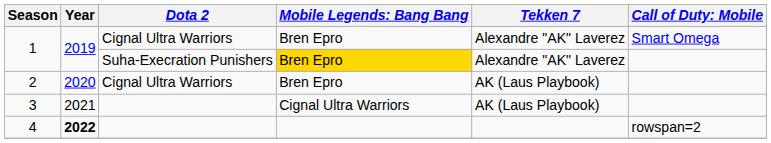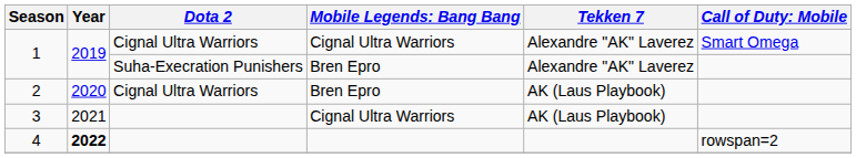 <table class="wikitable">
 <tr>
 <th>Season</th>
 <th>Year</th>
 <th><em><a href='#'>Dota 2</a></em></th>
 <th><em><a href='#'>Mobile Legends: Bang Bang</a></em></th>
 <th><em><a href='#'>Tekken 7</a></em></th>
 <th><em><a href='#'>Call of Duty: Mobile</a></em></th>
 </tr>
 <tr>
 <td align=center rowspan=2>1</td>
 <td rowspan=2><a href='#'>2019</a></td>
 <td>Cignal Ultra Warriors</td>
-<td>Bren Epro</td>
+<td>Cignal Ultra Warriors<br></td>
 <td>Alexandre "AK" Laverez</td>
 <td><a href='#'>Smart Omega</a></td>
 </tr>
 <tr>
 <td>Suha-Execration Punishers</td>
-<td style="background: gold;">Bren Epro</td>
+<td>Bren Epro</td>
 <td>Alexandre "AK" Laverez</td>
 </tr>
 <tr>
 <td align=center>2</td>
 <td><a href='#'>2020</a></td>
 <td>Cignal Ultra Warriors</td>
 <td>Bren Epro</td>
 <td>AK (Laus Playbook)</td>
 <td></td>
 </tr>
 <tr>
 <td align=center>3</td>
 <td>2021</td>
 <td></td>
 <td>Cignal Ultra Warriors</td>
 <td>AK (Laus Playbook)</td>
 <td></td>
 </tr>
 <tr>
 <td align=center>4</td>
 <td><strong>2022</strong></td>
 <td></td>
 <td></td>
 <td></td>
 <td>rowspan=2 </td>
 </tr>
 <tr>
 </tr>
 </table>
